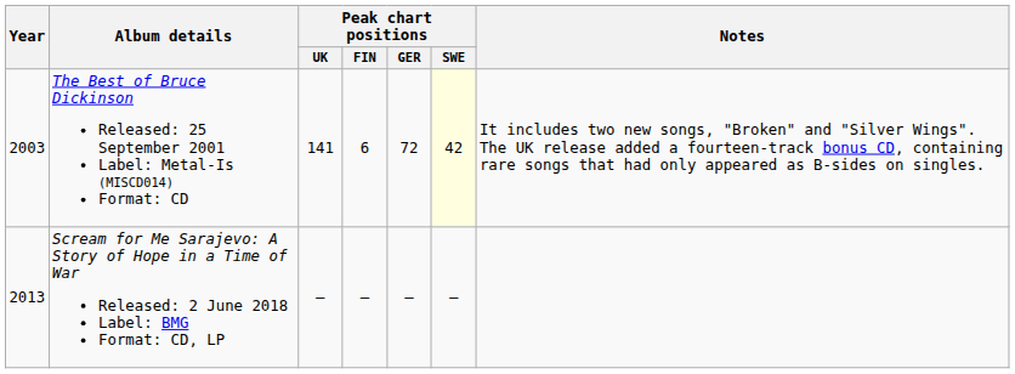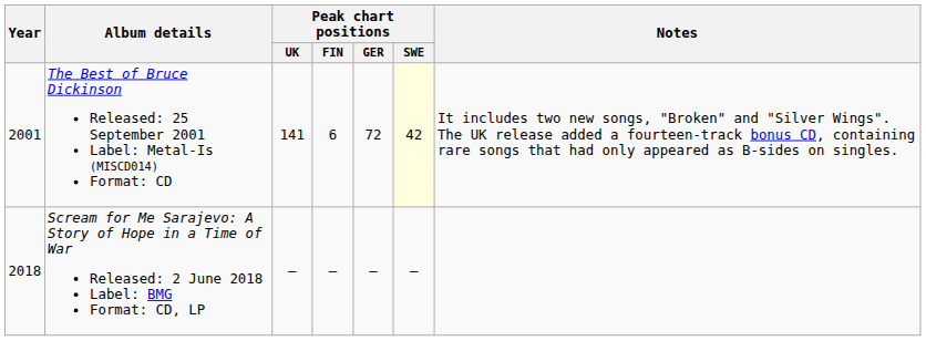 <table class="wikitable" border="1">
 <tr>
 <th rowspan=2>Year</th>
 <th rowspan=2 width="210">Album details</th>
 <th colspan=4>Peak chart positions</th>
 <th rowspan=2>Notes</th>
 </tr>
 <tr>
 <th style="width:3em;font-size:85%">UK<br></th>
 <th style="width:3em;font-size:85%">FIN<br></th>
 <th style="width:3em;font-size:85%">GER<br></th>
 <th style="width:3em;font-size:85%">SWE<br></th>
 </tr>
 <tr>
-<td>2003</td>
+<td>2001</td>
 <td><em><a href='#'>The Best of Bruce Dickinson</a></em><br><ul><li>Released: 25 September 2001</li><li>Label: Metal-Is <small>(MISCD014)</small></li><li>Format: CD</li></ul></td>
 <td align="center">141</td>
 <td align="center">6</td>
 <td align="center">72</td>
 <td align="center" style="background: lightyellow;">42</td>
 <td>It includes two new songs, "Broken" and "Silver Wings". The UK release added a fourteen-track <a href='#'>bonus CD</a>, containing rare songs that had only appeared as B-sides on singles.</td>
 </tr>
 <tr>
-<td>2013</td>
+<td>2018</td>
 <td><em>Scream for Me Sarajevo: A Story of Hope in a Time of War</em><br><ul><li>Released: 2 June 2018</li><li>Label: <a href='#'>BMG</a></li><li>Format: CD, LP</li></ul></td>
 <td align="center">—</td>
 <td align="center">—</td>
 <td align="center">—</td>
 <td align="center">—</td>
 </tr>
 </table>
